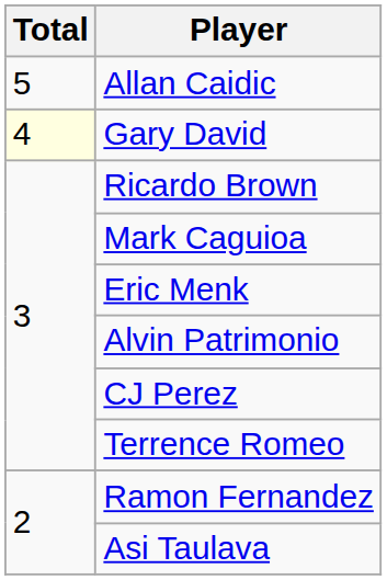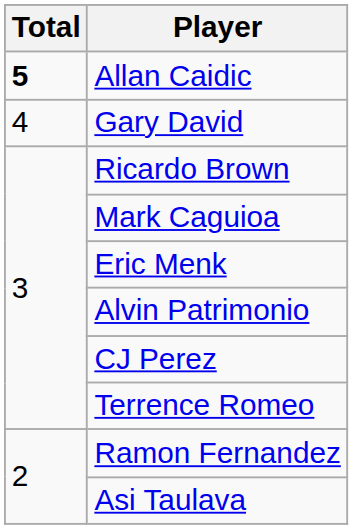 <table class="wikitable">
 <tr>
 <th>Total</th>
 <th>Player</th>
 </tr>
 <tr>
-<td rowspan=1>5</td>
+<td rowspan=1><strong>5</strong></td>
 <td><a href='#'>Allan Caidic</a></td>
 </tr>
 <tr>
-<td rowspan=1 style="background: lightyellow;">4</td>
+<td rowspan=1>4</td>
 <td><a href='#'>Gary David</a></td>
 </tr>
 <tr>
 <td rowspan=6>3</td>
 <td><a href='#'>Ricardo Brown</a></td>
 </tr>
 <tr>
 <td><a href='#'>Mark Caguioa</a></td>
 </tr>
 <tr>
 <td><a href='#'>Eric Menk</a></td>
 </tr>
 <tr>
 <td><a href='#'>Alvin Patrimonio</a></td>
 </tr>
 <tr>
 <td><a href='#'>CJ Perez</a></td>
 </tr>
 <tr>
 <td><a href='#'>Terrence Romeo</a></td>
 </tr>
 <tr>
 <td rowspan=4>2</td>
 <td><a href='#'>Ramon Fernandez</a></td>
 </tr>
 <tr>
 <td><a href='#'>Asi Taulava</a></td>
 </tr>
 </table>
